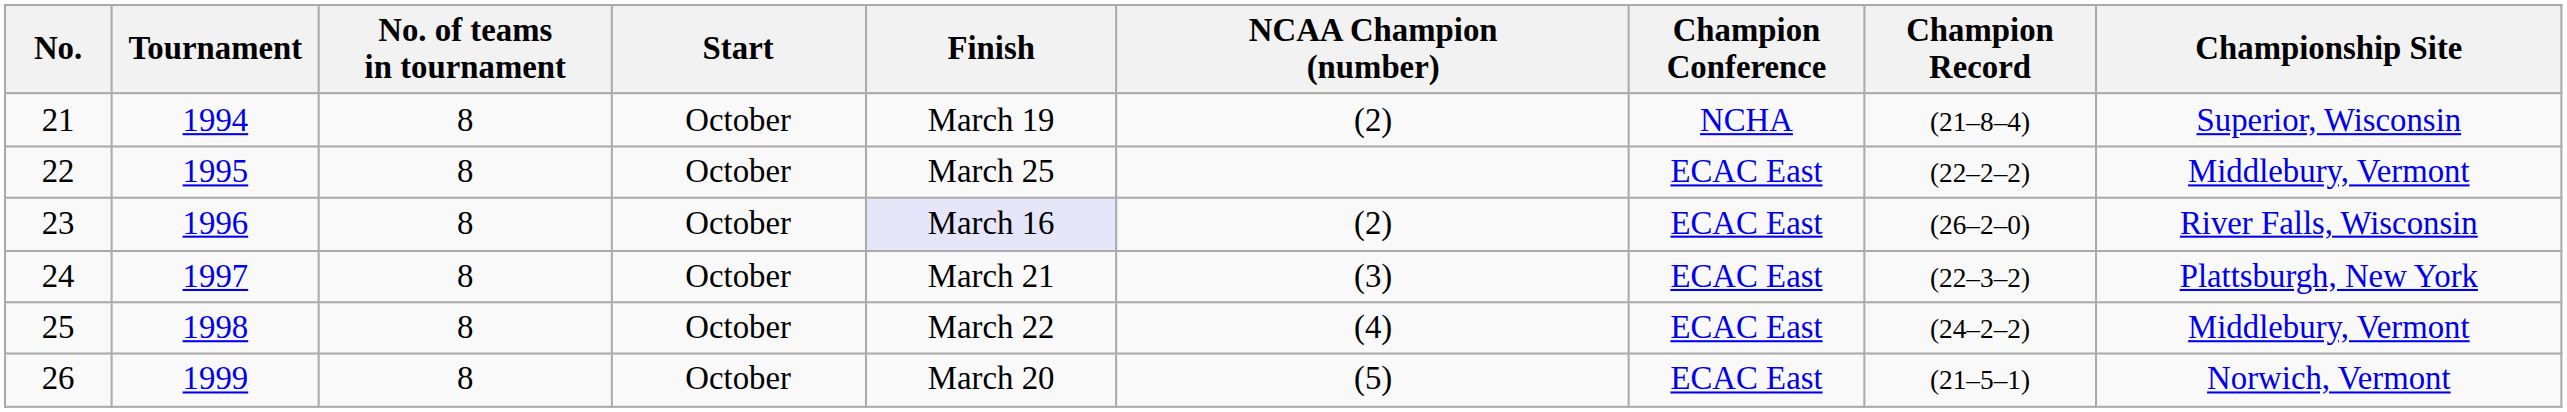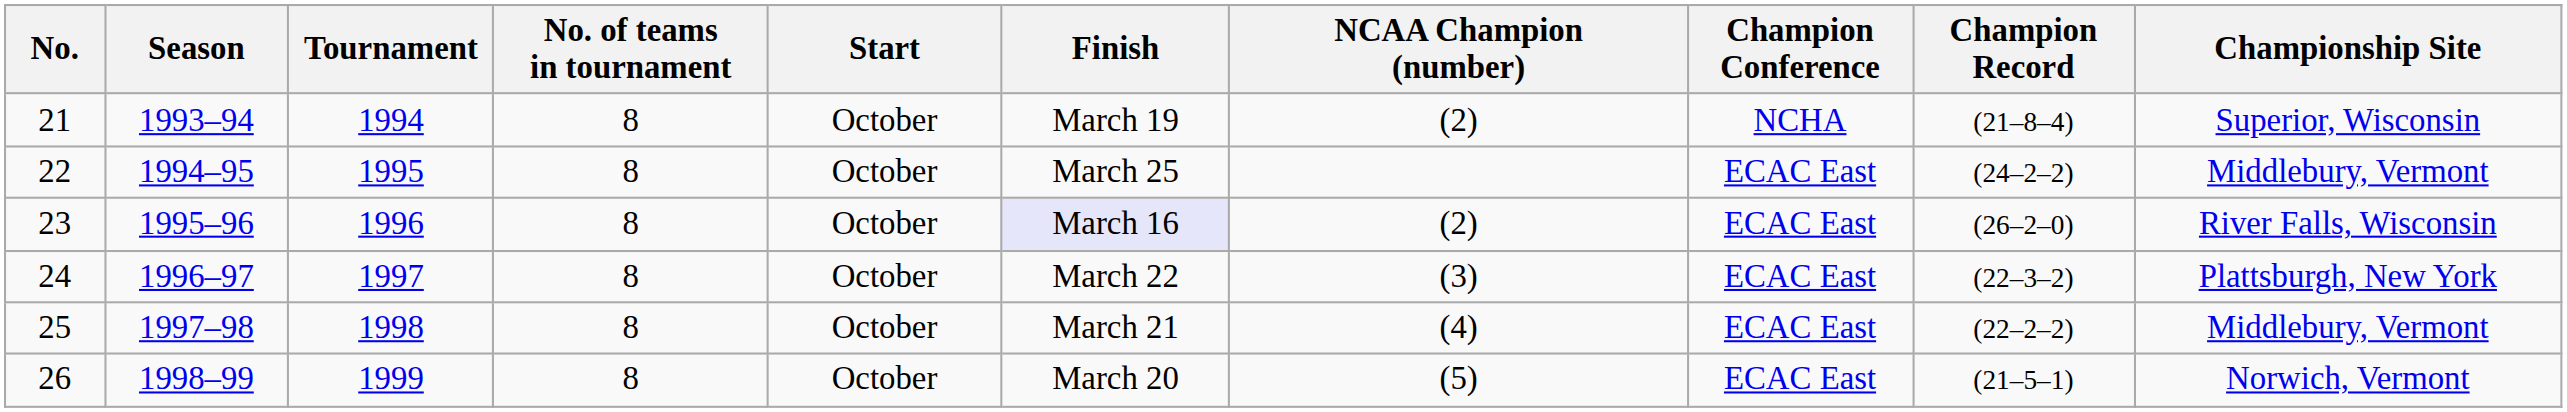 <table class="wikitable">
 <tr>
 <th style="width:3em">No.</th>
+<th style="width:6em">Season</th>
 <th style="width:6em">Tournament</th>
 <th style="width:9em">No. of teams<br>in tournament</th>
 <th style="width:8em">Start</th>
 <th style="width:8em">Finish</th>
 <th style="width:17em">NCAA Champion<br>(number)</th>
 <th style="width:7em">Champion<br>Conference</th>
 <th style="width:7em">Champion<br>Record</th>
 <th style="width:15em">Championship Site</th>
 </tr>
 <tr style="text-align:center;">
 <td>21</td>
+<td><a href='#'>1993–94</a></td>
 <td><a href='#'>1994</a></td>
 <td>8</td>
 <td>October</td>
 <td>March 19</td>
 <td align=center><strong><a href='#'></a></strong> (2)</td>
 <td><a href='#'>NCHA</a></td>
 <td><small>(21–8–4)</small></td>
 <td><a href='#'>Superior, Wisconsin</a></td>
 </tr>
 <tr style="text-align:center;">
 <td>22</td>
+<td><a href='#'>1994–95</a></td>
 <td><a href='#'>1995</a></td>
 <td>8</td>
 <td>October</td>
 <td>March 25</td>
 <td align=center><strong><a href='#'></a></strong></td>
 <td><a href='#'>ECAC East</a></td>
-<td><small>(22–2–2)</small></td>
+<td><small>(24–2–2)</small></td>
 <td><a href='#'>Middlebury, Vermont</a></td>
 </tr>
 <tr style="text-align:center;">
 <td>23</td>
+<td><a href='#'>1995–96</a></td>
 <td><a href='#'>1996</a></td>
 <td>8</td>
 <td>October</td>
 <td style="background: lavender;">March 16</td>
 <td align=center><strong><a href='#'></a></strong> (2)</td>
 <td><a href='#'>ECAC East</a></td>
 <td><small>(26–2–0)</small></td>
 <td><a href='#'>River Falls, Wisconsin</a></td>
 </tr>
 <tr style="text-align:center;">
 <td>24</td>
+<td><a href='#'>1996–97</a></td>
 <td><a href='#'>1997</a></td>
 <td>8</td>
 <td>October</td>
-<td>March 21</td>
+<td>March 22</td>
 <td align=center><strong><a href='#'></a></strong> (3)</td>
 <td><a href='#'>ECAC East</a></td>
 <td><small>(22–3–2)</small></td>
 <td><a href='#'>Plattsburgh, New York</a></td>
 </tr>
 <tr style="text-align:center;">
 <td>25</td>
+<td><a href='#'>1997–98</a></td>
 <td><a href='#'>1998</a></td>
 <td>8</td>
 <td>October</td>
-<td>March 22</td>
+<td>March 21</td>
 <td align=center><strong><a href='#'></a></strong> (4)</td>
 <td><a href='#'>ECAC East</a></td>
-<td><small>(24–2–2)</small></td>
+<td><small>(22–2–2)</small></td>
 <td><a href='#'>Middlebury, Vermont</a></td>
 </tr>
 <tr style="text-align:center;">
 <td>26</td>
+<td><a href='#'>1998–99</a></td>
 <td><a href='#'>1999</a></td>
 <td>8</td>
 <td>October</td>
 <td>March 20</td>
 <td align=center><strong><a href='#'></a></strong> (5)</td>
 <td><a href='#'>ECAC East</a></td>
 <td><small>(21–5–1)</small></td>
 <td><a href='#'>Norwich, Vermont</a></td>
 </tr>
 </table>
